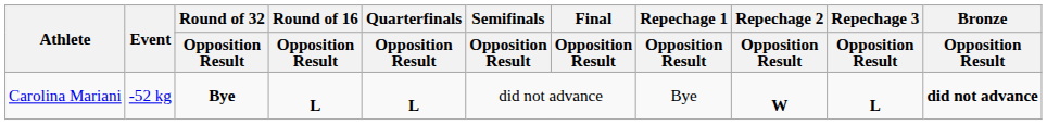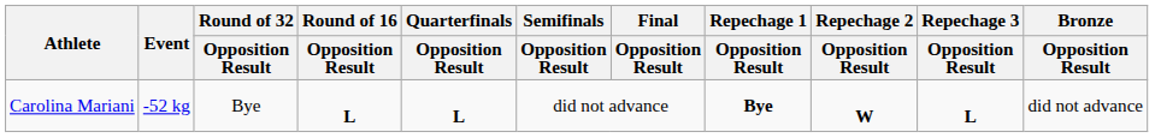 <table class="wikitable" style="font-size:90%">
 <tr>
 <th rowspan="2">Athlete</th>
 <th rowspan="2">Event</th>
 <th>Round of 32</th>
 <th>Round of 16</th>
 <th>Quarterfinals</th>
 <th>Semifinals</th>
 <th>Final</th>
 <th>Repechage 1</th>
 <th>Repechage 2</th>
 <th>Repechage 3</th>
 <th>Bronze</th>
 </tr>
 <tr>
 <th style="line-height:1em">Opposition<br>Result</th>
 <th style="line-height:1em">Opposition<br>Result</th>
 <th style="line-height:1em">Opposition<br>Result</th>
 <th style="line-height:1em">Opposition<br>Result</th>
 <th style="line-height:1em">Opposition<br>Result</th>
 <th style="line-height:1em">Opposition<br>Result</th>
 <th style="line-height:1em">Opposition<br>Result</th>
 <th style="line-height:1em">Opposition<br>Result</th>
 <th style="line-height:1em">Opposition<br>Result</th>
 </tr>
 <tr>
 <td><a href='#'>Carolina Mariani</a></td>
 <td><a href='#'>-52 kg</a></td>
-<td align="center"><strong>Bye</strong></td>
+<td align="center">Bye</td>
 <td align="center"><br><strong>L</strong></td>
 <td align="center"><br><strong>L</strong></td>
 <td align="center" colspan=2>did not advance</td>
-<td align="center">Bye</td>
+<td align="center"><strong>Bye</strong></td>
 <td align="center"><br><strong>W</strong></td>
 <td align="center"><br><strong>L</strong></td>
-<td align="center"><strong>did not advance</strong></td>
+<td align="center">did not advance</td>
 </tr>
 </table>
